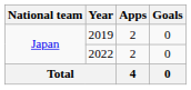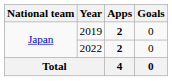 <table class="wikitable" style="text-align:center">
 <tr>
 <th>National team</th>
 <th>Year</th>
 <th>Apps</th>
 <th>Goals</th>
 </tr>
 <tr>
 <td rowspan="2"><a href='#'>Japan</a></td>
 <td>2019</td>
-<td>2</td>
+<td><strong>2</strong></td>
 <td>0</td>
 </tr>
 <tr>
 <td>2022</td>
-<td>2</td>
+<td><strong>2</strong></td>
 <td>0</td>
 </tr>
 <tr>
 <th colspan="2">Total</th>
 <th>4</th>
 <th>0</th>
 </tr>
 </table>
